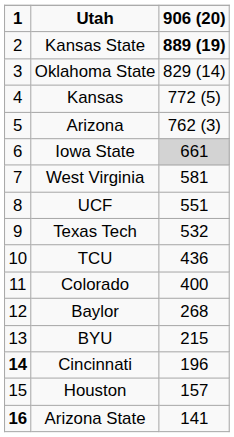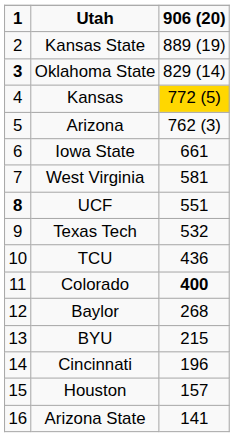 <table class="wikitable" style="display: inline-table;">
 <tr align="center">
 </tr>
 <tr align="center">
 <td style=><strong>1</strong></td>
 <td style=><strong>Utah</strong></td>
 <td style=><strong>906 (20)</strong></td>
 </tr>
 <tr align="center">
 <td>2</td>
 <td>Kansas State</td>
-<td><strong>889 (19)</strong></td>
+<td>889 (19)</td>
 </tr>
 <tr align="center">
-<td>3</td>
+<td><strong>3</strong></td>
 <td>Oklahoma State</td>
 <td>829 (14)</td>
 </tr>
 <tr align="center">
 <td>4</td>
 <td>Kansas</td>
-<td>772 (5)</td>
+<td style="background: gold;">772 (5)</td>
 </tr>
 <tr align="center">
 <td>5</td>
 <td>Arizona</td>
 <td>762 (3)</td>
 </tr>
 <tr align="center">
 <td>6</td>
 <td>Iowa State</td>
-<td style="background: lightgrey;">661</td>
+<td>661</td>
 </tr>
 <tr align="center">
 <td>7</td>
 <td>West Virginia</td>
 <td>581</td>
 </tr>
 <tr align="center">
-<td>8</td>
+<td><strong>8</strong></td>
 <td>UCF</td>
 <td>551</td>
 </tr>
 <tr align="center">
 <td>9</td>
 <td>Texas Tech</td>
 <td>532</td>
 </tr>
 <tr align="center">
 <td>10</td>
 <td>TCU</td>
 <td>436</td>
 </tr>
 <tr align="center">
 <td>11</td>
 <td>Colorado</td>
-<td>400</td>
+<td><strong>400</strong></td>
 </tr>
 <tr align="center">
 <td>12</td>
 <td>Baylor</td>
 <td>268</td>
 </tr>
 <tr align="center">
 <td>13</td>
 <td>BYU</td>
 <td>215</td>
 </tr>
 <tr align="center">
-<td><strong>14</strong></td>
+<td>14</td>
 <td>Cincinnati</td>
 <td>196</td>
 </tr>
 <tr align="center">
 <td>15</td>
 <td>Houston</td>
 <td>157</td>
 </tr>
 <tr align="center">
-<td><strong>16</strong></td>
+<td>16</td>
 <td>Arizona State</td>
 <td>141</td>
 </tr>
 </table>
